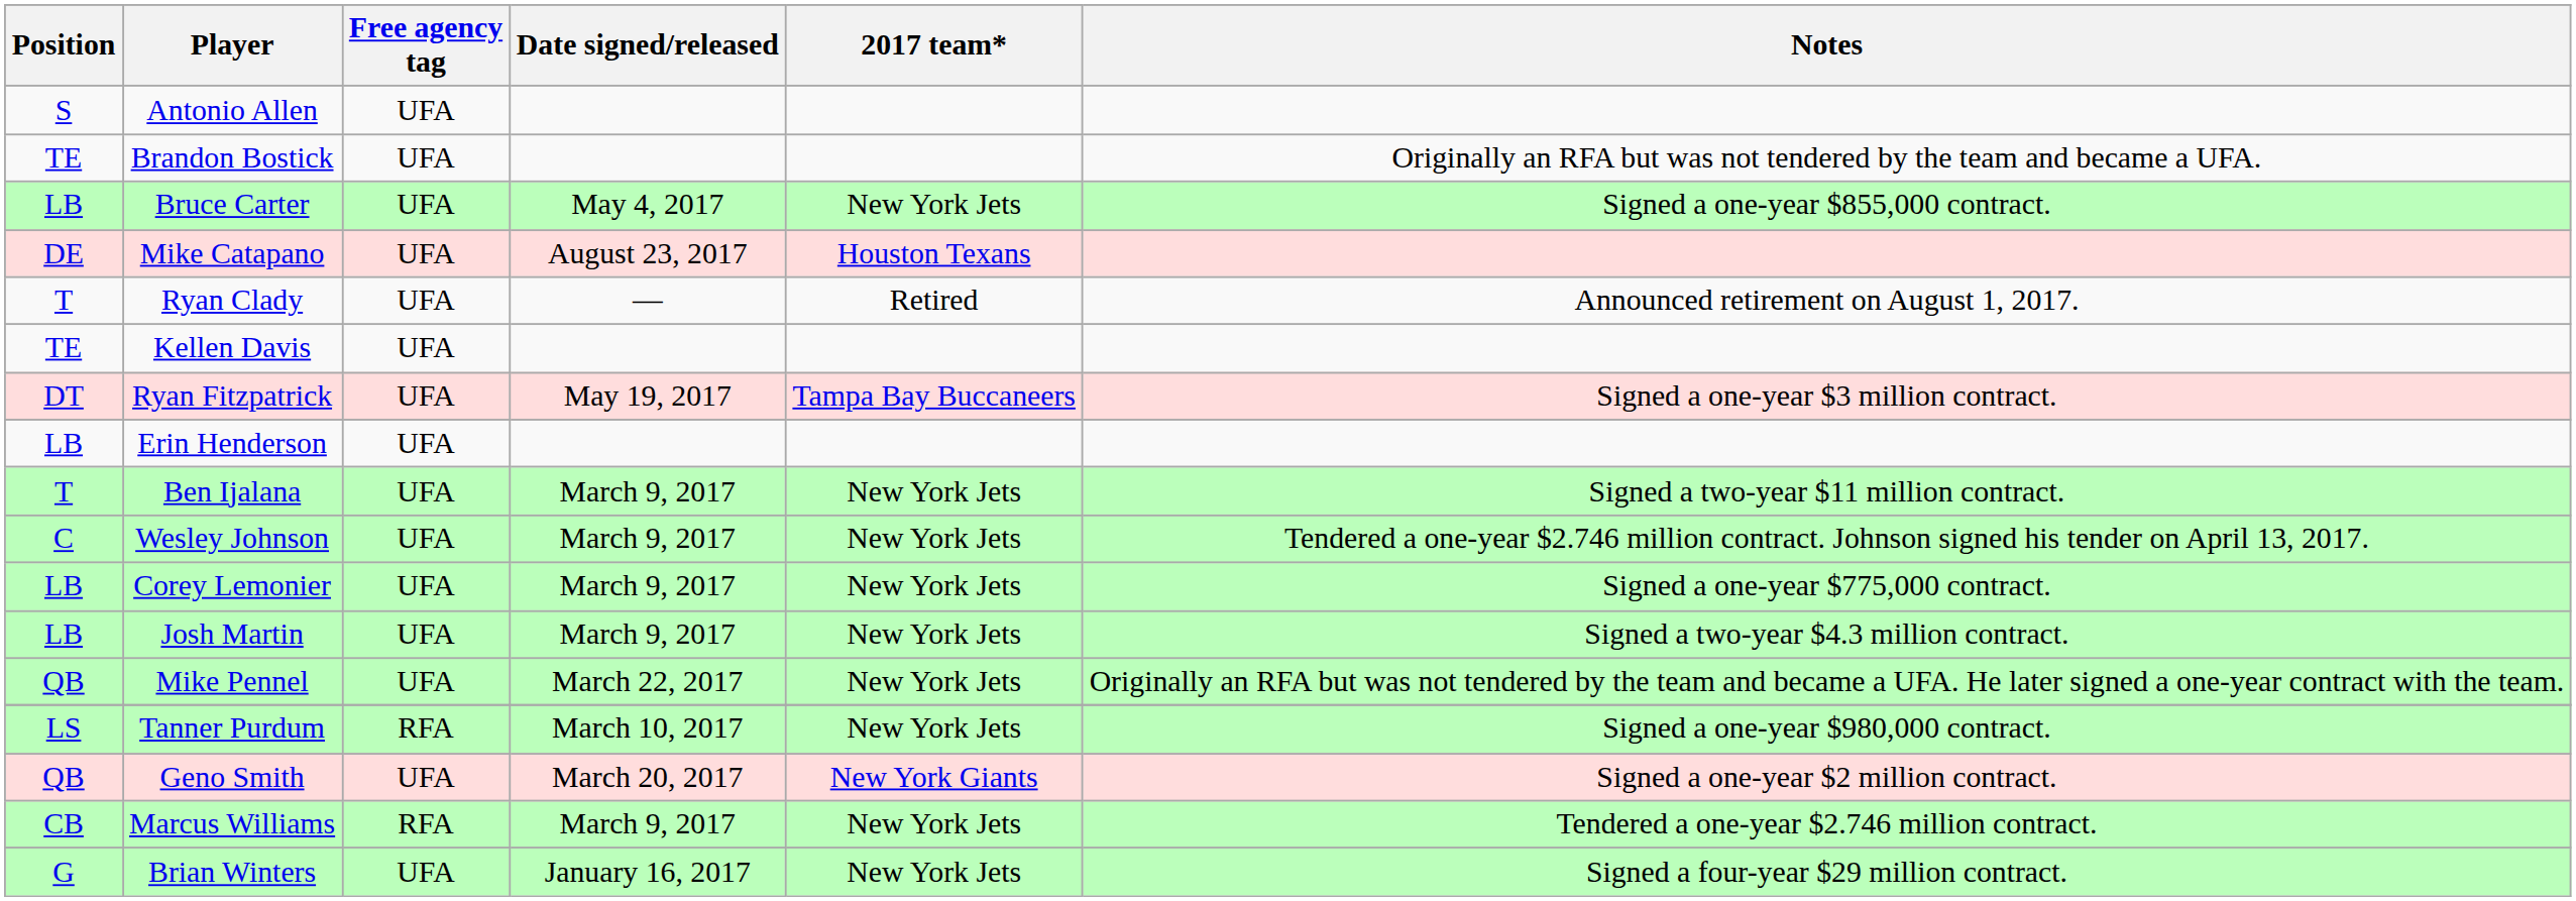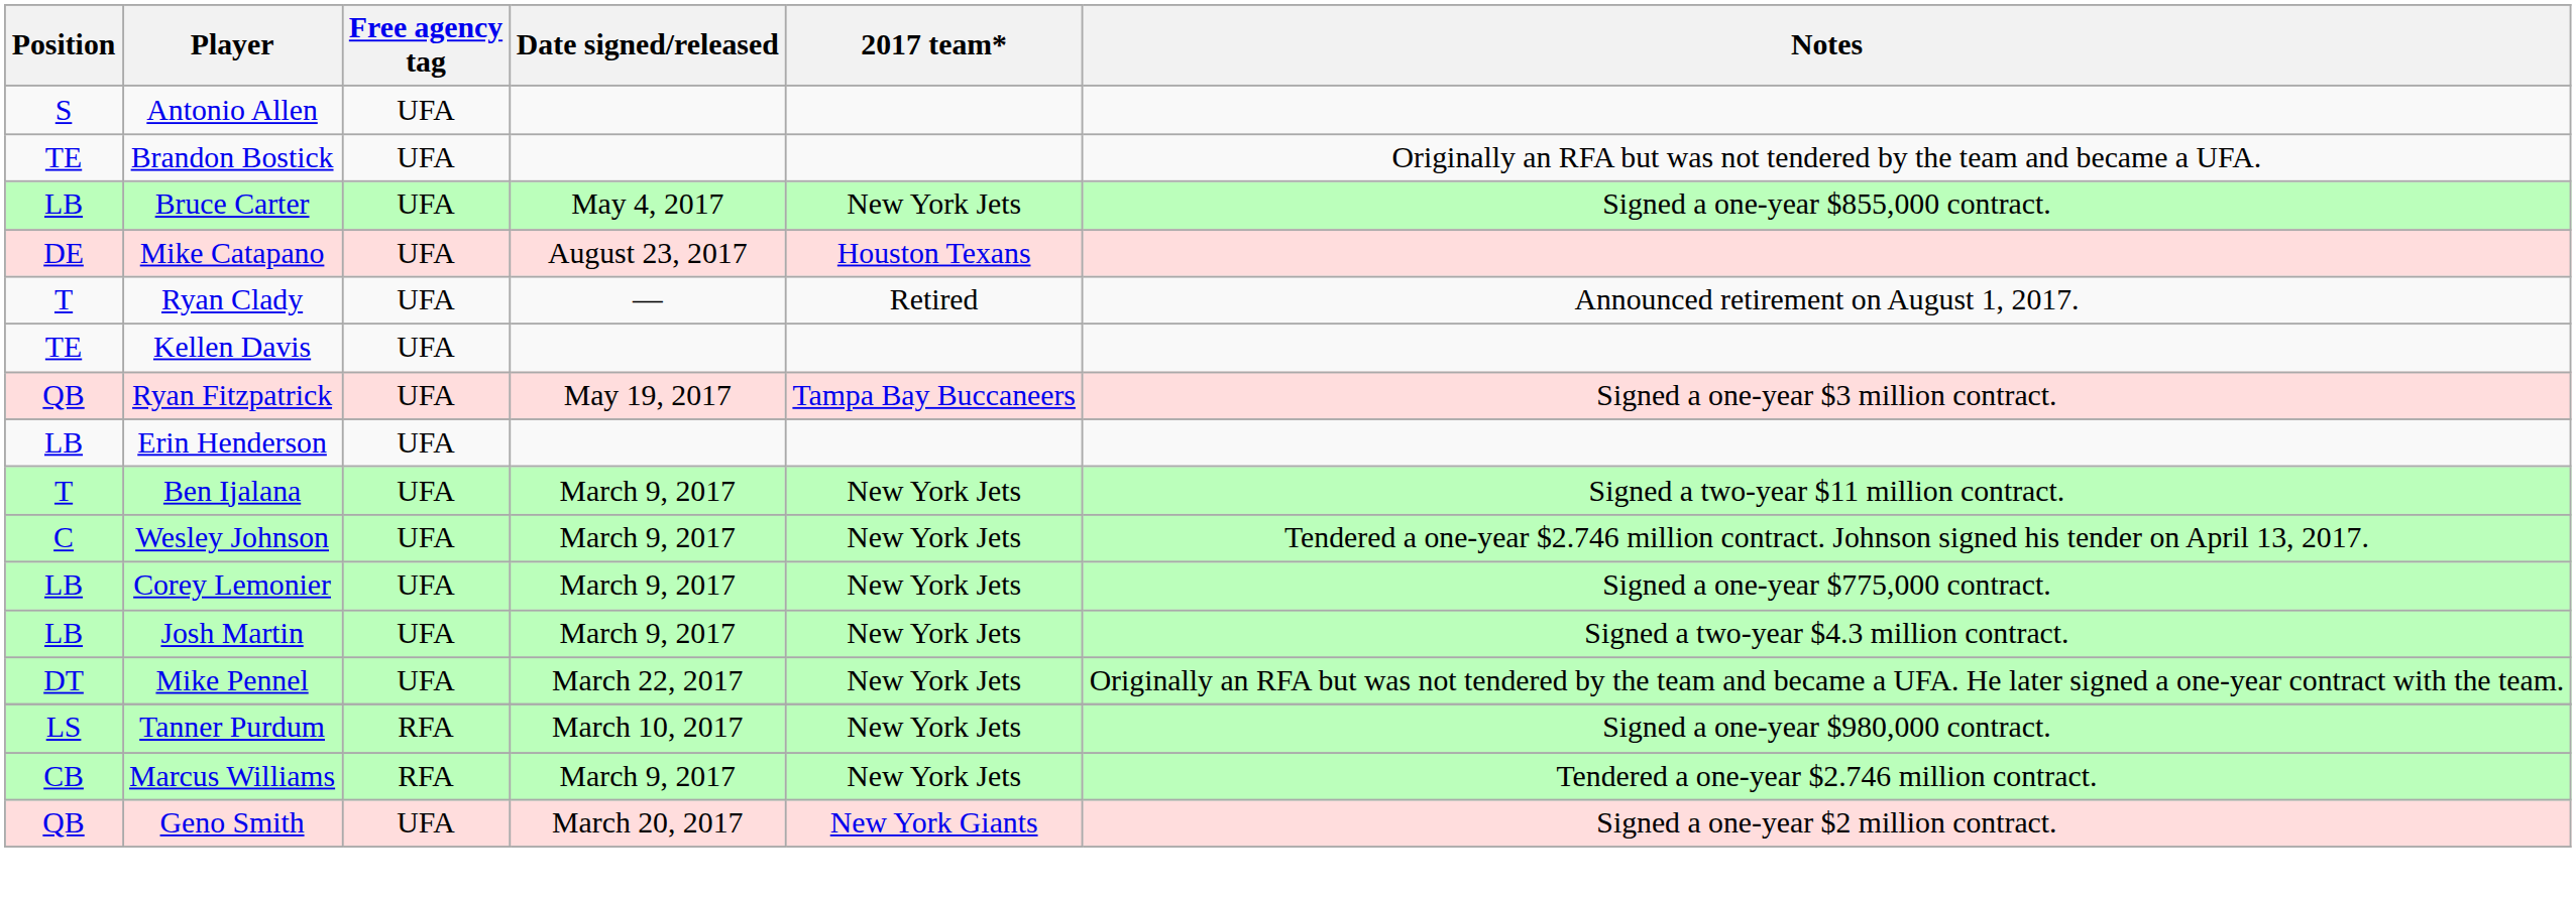 <table class="sortable wikitable" style="text-align:center">
 <tr>
 <th>Position</th>
 <th>Player</th>
 <th><a href='#'><span>Free agency</span></a><br>tag</th>
 <th>Date signed/released</th>
 <th>2017 team*</th>
 <th>Notes</th>
 </tr>
 <tr>
 <td><a href='#'>S</a></td>
 <td><a href='#'>Antonio Allen</a></td>
 <td>UFA</td>
 <td></td>
 <td></td>
 <td></td>
 </tr>
 <tr>
 <td><a href='#'>TE</a></td>
 <td><a href='#'>Brandon Bostick</a></td>
 <td>UFA</td>
 <td></td>
 <td></td>
 <td>Originally an RFA but was not tendered by the team and became a UFA.</td>
 </tr>
 <tr style="background:#bfb;">
 <td><a href='#'>LB</a></td>
 <td><a href='#'>Bruce Carter</a></td>
 <td>UFA</td>
 <td>May 4, 2017</td>
 <td>New York Jets</td>
 <td>Signed a one-year $855,000 contract.</td>
 </tr>
 <tr style="background:#fdd;">
 <td><a href='#'>DE</a></td>
 <td><a href='#'>Mike Catapano</a></td>
 <td>UFA</td>
 <td>August 23, 2017</td>
 <td><a href='#'>Houston Texans</a></td>
 <td></td>
 </tr>
 <tr>
 <td><a href='#'>T</a></td>
 <td><a href='#'>Ryan Clady</a></td>
 <td>UFA</td>
 <td>—</td>
 <td>Retired</td>
 <td>Announced retirement on August 1, 2017.</td>
 </tr>
 <tr>
 <td><a href='#'>TE</a></td>
 <td><a href='#'>Kellen Davis</a></td>
 <td>UFA</td>
 <td></td>
 <td></td>
 <td></td>
 </tr>
 <tr style="background:#fdd;">
-<td><a href='#'>DT</a></td>
+<td><a href='#'>QB</a></td>
 <td><a href='#'>Ryan Fitzpatrick</a></td>
 <td>UFA</td>
 <td>May 19, 2017</td>
 <td><a href='#'>Tampa Bay Buccaneers</a></td>
 <td>Signed a one-year $3 million contract.</td>
 </tr>
 <tr>
 <td><a href='#'>LB</a></td>
 <td><a href='#'>Erin Henderson</a></td>
 <td>UFA</td>
 <td></td>
 <td></td>
 <td></td>
 </tr>
 <tr style="background:#bfb;">
 <td><a href='#'>T</a></td>
 <td><a href='#'>Ben Ijalana</a></td>
 <td>UFA</td>
 <td>March 9, 2017</td>
 <td>New York Jets</td>
 <td>Signed a two-year $11 million contract.</td>
 </tr>
 <tr style="background:#bfb;">
 <td><a href='#'>C</a></td>
 <td><a href='#'>Wesley Johnson</a></td>
 <td>UFA</td>
 <td>March 9, 2017</td>
 <td>New York Jets</td>
 <td>Tendered a one-year $2.746 million contract. Johnson signed his tender on April 13, 2017.</td>
 </tr>
 <tr style="background:#bfb;">
 <td><a href='#'>LB</a></td>
 <td><a href='#'>Corey Lemonier</a></td>
 <td>UFA</td>
 <td>March 9, 2017</td>
 <td>New York Jets</td>
 <td>Signed a one-year $775,000 contract.</td>
 </tr>
 <tr style="background:#bfb;">
 <td><a href='#'>LB</a></td>
 <td><a href='#'>Josh Martin</a></td>
 <td>UFA</td>
 <td>March 9, 2017</td>
 <td>New York Jets</td>
 <td>Signed a two-year $4.3 million contract.</td>
 </tr>
 <tr style="background:#bfb;">
-<td><a href='#'>QB</a></td>
+<td><a href='#'>DT</a></td>
 <td><a href='#'>Mike Pennel</a></td>
 <td>UFA</td>
 <td>March 22, 2017</td>
 <td>New York Jets</td>
 <td>Originally an RFA but was not tendered by the team and became a UFA. He later signed a one-year contract with the team.</td>
 </tr>
 <tr>
 </tr>
 <tr style="background:#bfb;">
 <td><a href='#'>LS</a></td>
 <td><a href='#'>Tanner Purdum</a></td>
 <td>RFA</td>
 <td>March 10, 2017</td>
 <td>New York Jets</td>
 <td>Signed a one-year $980,000 contract.</td>
 </tr>
+<tr style="background:#bfb;">
+<td><a href='#'>CB</a></td>
+<td><a href='#'>Marcus Williams</a></td>
+<td>RFA</td>
+<td>March 9, 2017</td>
+<td>New York Jets</td>
+<td>Tendered a one-year $2.746 million contract.</td>
+</tr>
 <tr style="background:#fdd;">
 <td><a href='#'>QB</a></td>
 <td><a href='#'>Geno Smith</a></td>
 <td>UFA</td>
 <td>March 20, 2017</td>
 <td><a href='#'>New York Giants</a></td>
 <td>Signed a one-year $2 million contract.</td>
 </tr>
-<tr style="background:#bfb;">
-<td><a href='#'>CB</a></td>
-<td><a href='#'>Marcus Williams</a></td>
-<td>RFA</td>
-<td>March 9, 2017</td>
-<td>New York Jets</td>
-<td>Tendered a one-year $2.746 million contract.</td>
-</tr>
-<tr style="background:#bfb;">
-<td><a href='#'>G</a></td>
-<td><a href='#'>Brian Winters</a></td>
-<td>UFA</td>
-<td>January 16, 2017</td>
-<td>New York Jets</td>
-<td>Signed a four-year $29 million contract.</td>
-</tr>
 </table>
